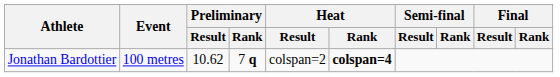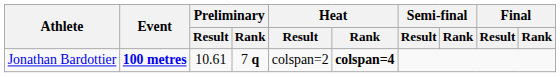 <table class="wikitable" style="font-size:90%">
 <tr>
 <th rowspan="2">Athlete</th>
 <th rowspan="2">Event</th>
 <th colspan="2">Preliminary</th>
 <th colspan="2">Heat</th>
 <th colspan="2">Semi-final</th>
 <th colspan="2">Final</th>
 </tr>
 <tr style="font-size:95%">
 <th>Result</th>
 <th>Rank</th>
 <th>Result</th>
 <th>Rank</th>
 <th>Result</th>
 <th>Rank</th>
 <th>Result</th>
 <th>Rank</th>
 </tr>
 <tr style=text-align:center>
 <td style=text-align:left><a href='#'>Jonathan Bardottier</a></td>
-<td style=text-align:left><a href='#'>100 metres</a></td>
-<td>10.62</td>
+<td style=text-align:left><strong><a href='#'>100 metres</a></strong></td>
+<td>10.61</td>
 <td>7 <strong>q</strong></td>
 <td>colspan=2</td>
 <td><strong>colspan=4</strong></td>
 </tr>
 </table>
